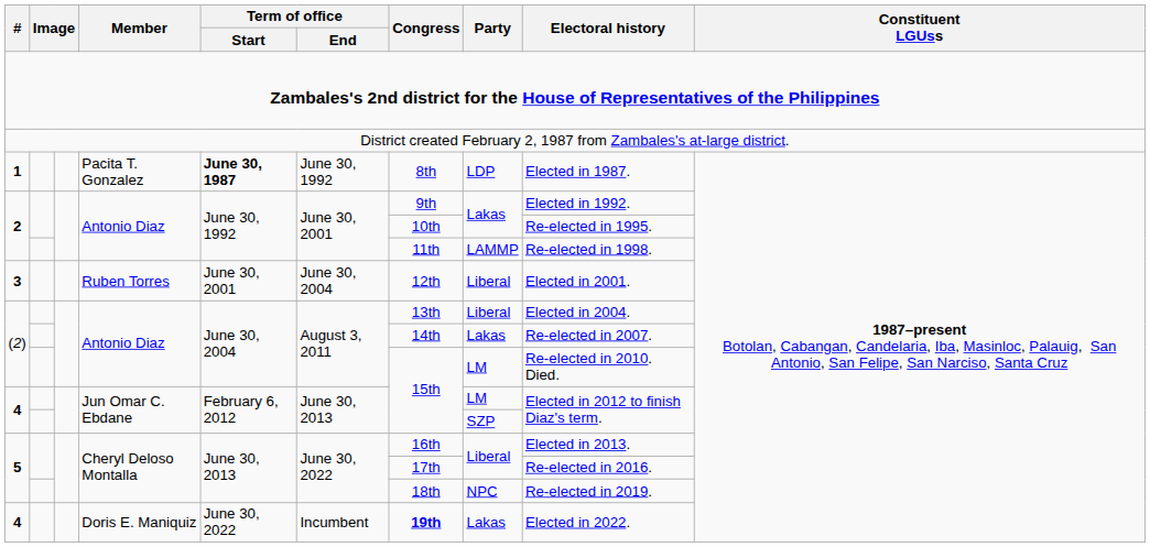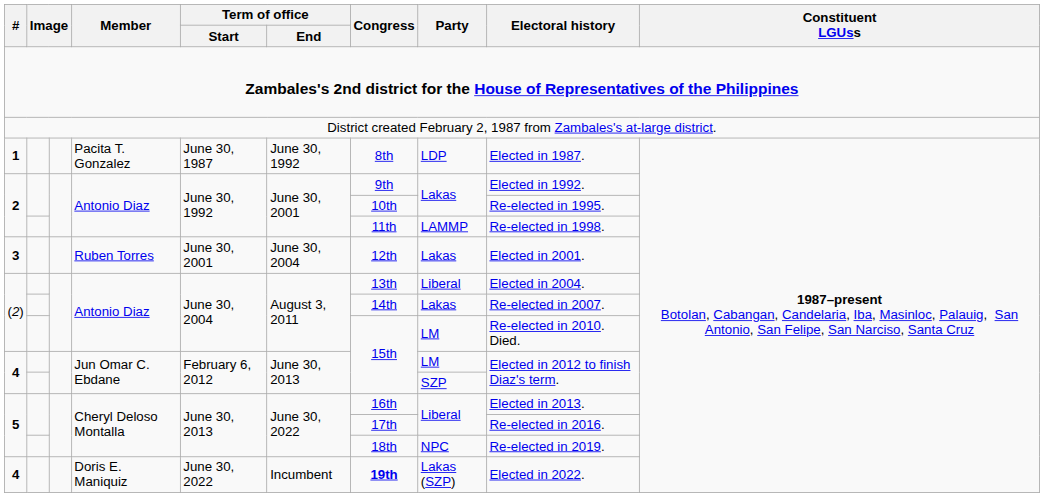 <table class=wikitable>
 <tr>
 <th rowspan="2">#</th>
 <th rowspan="2" colspan=2>Image</th>
 <th rowspan="2">Member</th>
 <th colspan=2>Term of office</th>
 <th rowspan="2">Congress</th>
 <th rowspan="2">Party</th>
 <th rowspan="2">Electoral history</th>
 <th rowspan="2">Constituent<br><a href='#'>LGUs</a>s</th>
 </tr>
 <tr>
 <th>Start</th>
 <th>End</th>
 </tr>
 <tr>
 <td colspan="10" style="text-align:center;"><br><h3>Zambales's 2nd district for the <a href='#'>House of Representatives of the Philippines</a></h3></td>
 </tr>
 <tr>
 <td colspan="10" style="text-align:center;">District created February 2, 1987 from <a href='#'>Zambales's at-large district</a>.</td>
 </tr>
 <tr>
 <td style="text-align:center;"><strong>1</strong></td>
 <td style="color:inherit;background:"></td>
 <td></td>
 <td>Pacita T. Gonzalez</td>
-<td><strong>June 30, 1987</strong></td>
+<td>June 30, 1987</td>
 <td>June 30, 1992</td>
 <td style="text-align:center;"><a href='#'>8th</a></td>
 <td><a href='#'>LDP</a></td>
 <td><a href='#'>Elected in 1987</a>.</td>
 <td rowspan="14" style="text-align:center;"><strong>1987–present</strong><br><a href='#'>Botolan</a>, <a href='#'>Cabangan</a>, <a href='#'>Candelaria</a>, <a href='#'>Iba</a>, <a href='#'>Masinloc</a>, <a href='#'>Palauig</a>,  <a href='#'>San Antonio</a>, <a href='#'>San Felipe</a>, <a href='#'>San Narciso</a>, <a href='#'>Santa Cruz</a></td>
 </tr>
 <tr>
 <td rowspan="3" style="text-align:center;"><strong>2</strong></td>
 <td rowspan="2" style="color:inherit;background:"></td>
 <td rowspan="3"></td>
 <td rowspan="3"><a href='#'>Antonio Diaz</a></td>
 <td rowspan="3">June 30, 1992</td>
 <td rowspan="3">June 30, 2001</td>
 <td style="text-align:center;"><a href='#'>9th</a></td>
 <td rowspan="2"><a href='#'>Lakas</a></td>
 <td><a href='#'>Elected in 1992</a>.</td>
 </tr>
 <tr>
 <td style="text-align:center;"><a href='#'>10th</a></td>
 <td><a href='#'>Re-elected in 1995</a>.</td>
 </tr>
 <tr>
 <td style="color:inherit;background:"></td>
 <td style="text-align:center;"><a href='#'>11th</a></td>
 <td><a href='#'>LAMMP</a></td>
 <td><a href='#'>Re-elected in 1998</a>.</td>
 </tr>
 <tr>
 <td style="text-align:center;"><strong>3</strong></td>
 <td style="color:inherit;background:"></td>
 <td></td>
 <td><a href='#'>Ruben Torres</a></td>
 <td>June 30, 2001</td>
 <td>June 30, 2004</td>
 <td style="text-align:center;"><a href='#'>12th</a></td>
-<td><a href='#'>Liberal</a></td>
+<td><a href='#'>Lakas</a></td>
 <td><a href='#'>Elected in 2001</a>.</td>
 </tr>
 <tr>
 <td rowspan="3" style="text-align:center;">(<em>2</em>)</td>
 <td style="color:inherit;background:"></td>
 <td rowspan="3"></td>
 <td rowspan="3"><a href='#'>Antonio Diaz</a></td>
 <td rowspan="3">June 30, 2004</td>
 <td rowspan="3">August 3, 2011</td>
 <td style="text-align:center;"><a href='#'>13th</a></td>
 <td><a href='#'>Liberal</a></td>
 <td><a href='#'>Elected in 2004</a>.</td>
 </tr>
 <tr>
 <td style="color:inherit;background:"></td>
 <td style="text-align:center;"><a href='#'>14th</a></td>
 <td><a href='#'>Lakas</a></td>
 <td><a href='#'>Re-elected in 2007</a>.</td>
 </tr>
 <tr>
 <td style="color:inherit;background:"></td>
 <td rowspan="3" style="text-align:center;"><a href='#'>15th</a></td>
 <td><a href='#'>LM</a></td>
 <td><a href='#'>Re-elected in 2010</a>.<br>Died.</td>
 </tr>
 <tr>
 <td style="text-align:center;" rowspan="2"><strong>4</strong></td>
 <td style="color:inherit;background:"></td>
 <td rowspan="2"></td>
 <td rowspan="2">Jun Omar C. Ebdane</td>
 <td rowspan="2">February 6, 2012</td>
 <td rowspan="2">June 30, 2013</td>
 <td><a href='#'>LM</a></td>
 <td rowspan="2"><a href='#'>Elected in 2012 to finish Diaz's term</a>.</td>
 </tr>
 <tr>
 <td style="color:inherit;background:"></td>
 <td><a href='#'>SZP</a></td>
 </tr>
 <tr>
 <td rowspan="3" style="text-align:center;"><strong>5</strong></td>
 <td rowspan="2" style="color:inherit;background:"></td>
 <td rowspan="3"></td>
 <td rowspan="3">Cheryl Deloso Montalla</td>
 <td rowspan="3">June 30, 2013</td>
 <td rowspan="3">June 30, 2022</td>
 <td style="text-align:center;"><a href='#'>16th</a></td>
 <td rowspan="2"><a href='#'>Liberal</a></td>
 <td><a href='#'>Elected in 2013</a>.</td>
 </tr>
 <tr>
 <td style="text-align:center;"><a href='#'>17th</a></td>
 <td><a href='#'>Re-elected in 2016</a>.</td>
 </tr>
 <tr>
 <td style="color:inherit;background:"></td>
 <td style="text-align:center;"><a href='#'>18th</a></td>
 <td><a href='#'>NPC</a></td>
 <td><a href='#'>Re-elected in 2019</a>.</td>
 </tr>
 <tr>
 <td style="text-align:center;"><strong>4</strong></td>
 <td style="color:inherit;background:"></td>
 <td></td>
 <td>Doris E. Maniquiz</td>
 <td>June 30, 2022</td>
 <td>Incumbent</td>
 <td style="text-align:center;"><strong><a href='#'>19th</a></strong></td>
-<td><a href='#'>Lakas</a></td>
+<td><a href='#'>Lakas</a> (<a href='#'>SZP</a>)</td>
 <td><a href='#'>Elected in 2022</a>.</td>
 </tr>
 </table>
